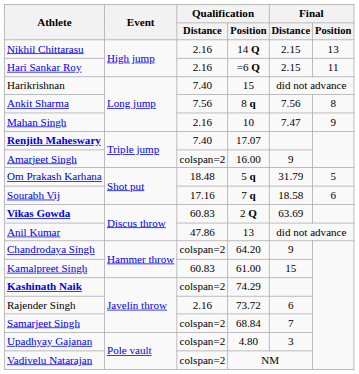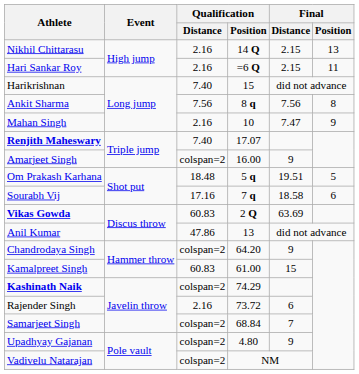 <table class=wikitable style="font-size:90%">
 <tr>
 <th rowspan="2">Athlete</th>
 <th rowspan="2">Event</th>
 <th colspan="2">Qualification</th>
 <th colspan="2">Final</th>
 </tr>
 <tr style="font-size:95%">
 <th>Distance</th>
 <th>Position</th>
 <th>Distance</th>
 <th>Position</th>
 </tr>
 <tr align=center>
 <td align=left><a href='#'>Nikhil Chittarasu</a></td>
 <td align=left rowspan=2><a href='#'>High jump</a></td>
 <td>2.16</td>
 <td>14 <strong>Q</strong></td>
 <td>2.15</td>
 <td>13</td>
 </tr>
 <tr align=center>
 <td align=left><a href='#'>Hari Sankar Roy</a></td>
 <td>2.16</td>
 <td>=6 <strong>Q</strong></td>
 <td>2.15</td>
 <td>11</td>
 </tr>
 <tr align=center>
 <td align=left>Harikrishnan</td>
 <td align=left rowspan=3><a href='#'>Long jump</a></td>
 <td>7.40</td>
 <td>15</td>
 <td colspan=2>did not advance</td>
 </tr>
 <tr align=center>
 <td align=left><a href='#'>Ankit Sharma</a></td>
 <td>7.56</td>
 <td>8 <strong>q</strong></td>
 <td>7.56</td>
 <td>8</td>
 </tr>
 <tr align=center>
 <td align=left><a href='#'>Mahan Singh</a></td>
 <td>2.16</td>
 <td>10</td>
 <td>7.47</td>
 <td>9</td>
 </tr>
 <tr align=center>
 <td align=left><strong><a href='#'>Renjith Maheswary</a></strong></td>
 <td align=left rowspan=2><a href='#'>Triple jump</a></td>
 <td>7.40</td>
 <td>17.07</td>
 <td></td>
 </tr>
 <tr align=center>
 <td align=left><a href='#'>Amarjeet Singh</a></td>
 <td>colspan=2 </td>
 <td>16.00</td>
 <td>9</td>
 </tr>
 <tr align=center>
 <td align=left><a href='#'>Om Prakash Karhana</a></td>
 <td align=left rowspan=2><a href='#'>Shot put</a></td>
 <td>18.48</td>
 <td>5 <strong>q</strong></td>
-<td>31.79</td>
+<td>19.51</td>
 <td>5</td>
 </tr>
 <tr align=center>
 <td align=left><a href='#'>Sourabh Vij</a></td>
 <td>17.16</td>
 <td>7 <strong>q</strong></td>
 <td>18.58</td>
 <td>6</td>
 </tr>
 <tr align=center>
 <td align=left><strong><a href='#'>Vikas Gowda</a></strong></td>
 <td align=left rowspan=2><a href='#'>Discus throw</a></td>
 <td>60.83</td>
 <td>2 <strong>Q</strong></td>
 <td>63.69</td>
 <td></td>
 </tr>
 <tr align=center>
 <td align=left><a href='#'>Anil Kumar</a></td>
 <td>47.86</td>
 <td>13</td>
 <td colspan=2>did not advance</td>
 </tr>
 <tr align=center>
 <td align=left><a href='#'>Chandrodaya Singh</a></td>
 <td align=left rowspan=2><a href='#'>Hammer throw</a></td>
 <td>colspan=2 </td>
 <td>64.20</td>
 <td>9</td>
 </tr>
 <tr align=center>
 <td align=left><a href='#'>Kamalpreet Singh</a></td>
 <td>60.83</td>
 <td>61.00</td>
 <td>15</td>
 </tr>
 <tr align=center>
 <td align=left><strong><a href='#'>Kashinath Naik</a></strong></td>
 <td align=left rowspan=3><a href='#'>Javelin throw</a></td>
 <td>colspan=2 </td>
 <td>74.29</td>
 <td></td>
 </tr>
 <tr align=center>
 <td align=left>Rajender Singh</td>
 <td>2.16</td>
 <td>73.72</td>
 <td>6</td>
 </tr>
 <tr align=center>
 <td align=left><a href='#'>Samarjeet Singh</a></td>
 <td>colspan=2 </td>
 <td>68.84</td>
 <td>7</td>
 </tr>
 <tr align=center>
 <td align=left><a href='#'>Upadhyay Gajanan</a></td>
 <td align=left rowspan=2><a href='#'>Pole vault</a></td>
 <td>colspan=2 </td>
 <td>4.80</td>
-<td>3</td>
+<td>9</td>
 </tr>
 <tr align=center>
 <td align=left><a href='#'>Vadivelu Natarajan</a></td>
 <td>colspan=2 </td>
 <td colspan=2>NM</td>
 </tr>
 </table>
